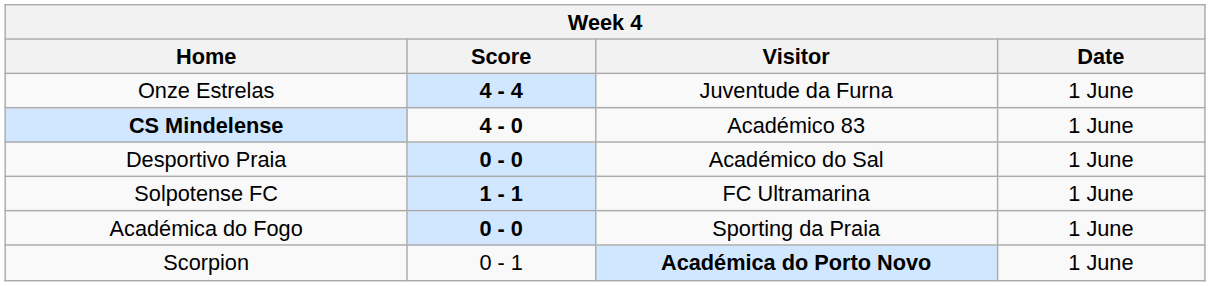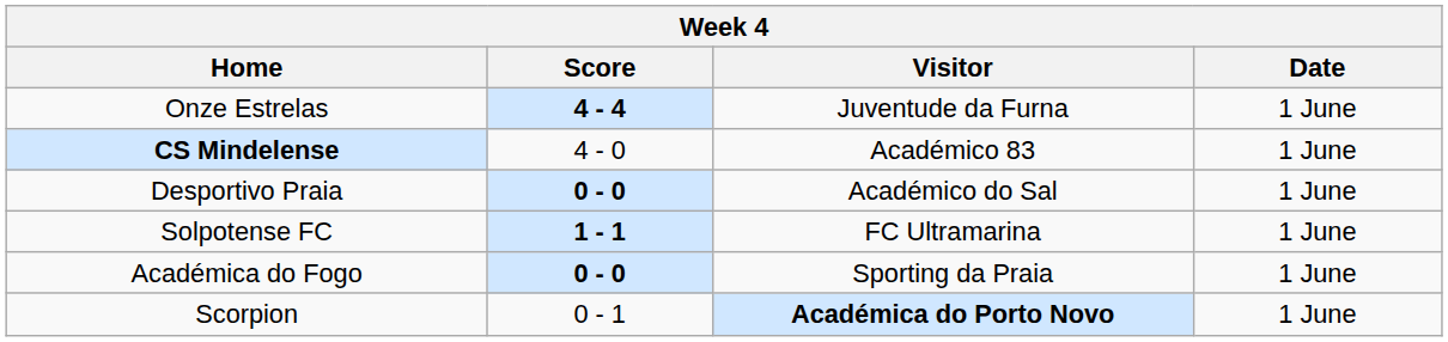 <table class="wikitable" style="font-size:95%; text-align: center; width: 95%; margin:1em auto;">
 <tr>
 <th colspan="12" style="with: 100%;">Week 4</th>
 </tr>
 <tr>
 <th width="200">Home</th>
 <th width="90">Score</th>
 <th width="200">Visitor</th>
 <th width="100">Date</th>
 </tr>
 <tr>
 <td>Onze Estrelas</td>
 <td bgcolor=#D0E7FF><strong>4 - 4</strong></td>
 <td>Juventude da Furna</td>
 <td>1 June</td>
 </tr>
 <tr>
 <td bgcolor=#D0E7FF><strong>CS Mindelense</strong></td>
-<td><strong>4 - 0</strong></td>
+<td>4 - 0</td>
 <td>Académico 83</td>
 <td>1 June</td>
 </tr>
 <tr>
 <td>Desportivo Praia</td>
 <td bgcolor=#D0E7FF><strong>0 - 0</strong></td>
 <td>Académico do Sal</td>
 <td>1 June</td>
 </tr>
 <tr>
 <td>Solpotense FC</td>
 <td bgcolor=#D0E7FF><strong>1 - 1</strong></td>
 <td>FC Ultramarina</td>
 <td>1 June</td>
 </tr>
 <tr>
 <td>Académica do Fogo</td>
 <td bgcolor=#D0E7FF><strong>0 - 0</strong></td>
 <td>Sporting da Praia</td>
 <td>1 June</td>
 </tr>
 <tr>
 <td>Scorpion</td>
 <td>0 - 1</td>
 <td bgcolor=#D0E7FF><strong>Académica do Porto Novo</strong></td>
 <td>1 June</td>
 </tr>
 </table>
